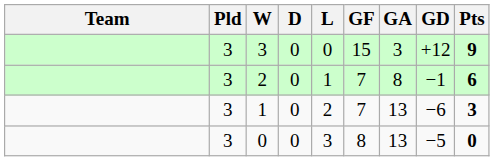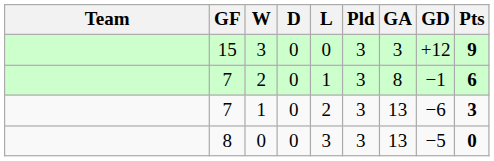 <table class="wikitable" style="text-align:center;">
 <tr>
 <th width=165>Team</th>
-<th width=20>Pld</th>
+<th width=20>GF</th>
 <th width=20>W</th>
 <th width=20>D</th>
 <th width=20>L</th>
-<th width=20>GF</th>
+<th width=20>Pld</th>
 <th width=20>GA</th>
 <th width=20>GD</th>
 <th width=20>Pts</th>
 </tr>
 <tr style="background:#cfc;">
 <td style="text-align:left;"></td>
-<td>3</td>
+<td>15</td>
 <td>3</td>
 <td>0</td>
 <td>0</td>
-<td>15</td>
+<td>3</td>
 <td>3</td>
 <td>+12</td>
 <td><strong>9</strong></td>
 </tr>
 <tr style="background:#cfc;">
 <td style="text-align:left;"></td>
-<td>3</td>
+<td>7</td>
 <td>2</td>
 <td>0</td>
 <td>1</td>
-<td>7</td>
+<td>3</td>
 <td>8</td>
 <td>−1</td>
 <td><strong>6</strong></td>
 </tr>
 <tr>
 <td style="text-align:left;"></td>
-<td>3</td>
+<td>7</td>
 <td>1</td>
 <td>0</td>
 <td>2</td>
-<td>7</td>
+<td>3</td>
 <td>13</td>
 <td>−6</td>
 <td><strong>3</strong></td>
 </tr>
 <tr>
 <td style="text-align:left;"></td>
-<td>3</td>
+<td>8</td>
 <td>0</td>
 <td>0</td>
 <td>3</td>
-<td>8</td>
+<td>3</td>
 <td>13</td>
 <td>−5</td>
 <td><strong>0</strong></td>
 </tr>
 </table>
